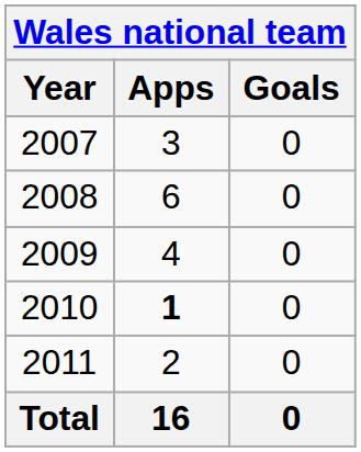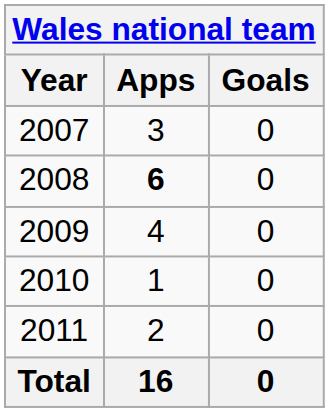 <table class="wikitable" style="text-align:center">
 <tr>
 <th colspan=3><a href='#'>Wales national team</a></th>
 </tr>
 <tr>
 <th>Year</th>
 <th>Apps</th>
 <th>Goals</th>
 </tr>
 <tr>
 <td>2007</td>
 <td>3</td>
 <td>0</td>
 </tr>
 <tr>
 <td>2008</td>
-<td>6</td>
+<td><strong>6</strong></td>
 <td>0</td>
 </tr>
 <tr>
 <td>2009</td>
 <td>4</td>
 <td>0</td>
 </tr>
 <tr>
 <td>2010</td>
-<td><strong>1</strong></td>
+<td>1</td>
 <td>0</td>
 </tr>
 <tr>
 <td>2011</td>
 <td>2</td>
 <td>0</td>
 </tr>
 <tr>
 <th>Total</th>
 <th>16</th>
 <th>0</th>
 </tr>
 </table>
